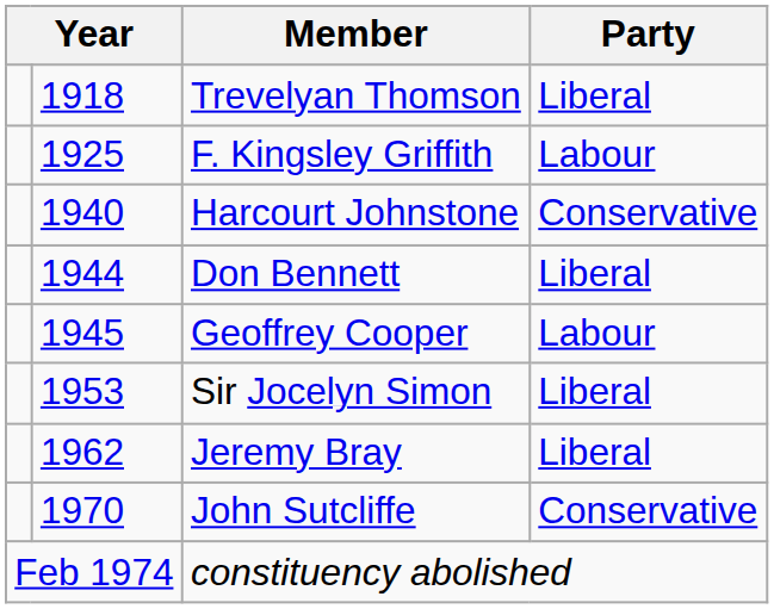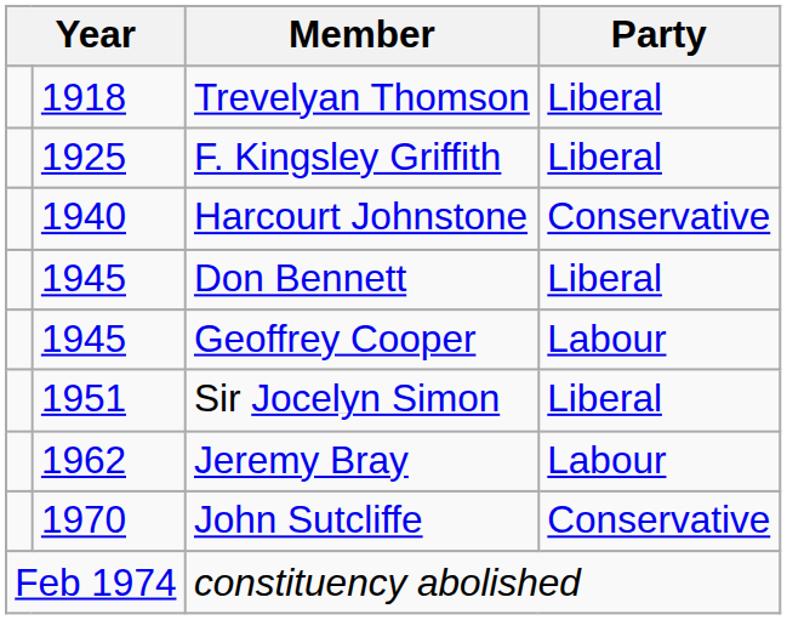 <table class="wikitable">
 <tr>
 <th colspan="2">Year</th>
 <th>Member</th>
 <th>Party</th>
 </tr>
 <tr>
 <td style="color:inherit;background-color: "></td>
 <td><a href='#'>1918</a></td>
 <td><a href='#'>Trevelyan Thomson</a></td>
 <td><a href='#'>Liberal</a></td>
 </tr>
 <tr>
 <td style="color:inherit;background-color: "></td>
 <td><a href='#'>1925</a></td>
 <td><a href='#'>F. Kingsley Griffith</a></td>
-<td><a href='#'>Labour</a></td>
+<td><a href='#'>Liberal</a></td>
 </tr>
 <tr>
 <td style="color:inherit;background-color: "></td>
 <td><a href='#'>1940</a></td>
 <td><a href='#'>Harcourt Johnstone</a></td>
 <td><a href='#'>Conservative</a></td>
 </tr>
 <tr>
 <td style="color:inherit;background-color: "></td>
-<td><a href='#'>1944</a></td>
+<td><a href='#'>1945</a></td>
 <td><a href='#'>Don Bennett</a></td>
 <td><a href='#'>Liberal</a></td>
 </tr>
 <tr>
 <td style="color:inherit;background-color: "></td>
 <td><a href='#'>1945</a></td>
 <td><a href='#'>Geoffrey Cooper</a></td>
 <td><a href='#'>Labour</a></td>
 </tr>
 <tr>
 <td style="color:inherit;background-color: "></td>
-<td><a href='#'>1953</a></td>
+<td><a href='#'>1951</a></td>
 <td>Sir <a href='#'>Jocelyn Simon</a></td>
 <td><a href='#'>Liberal</a></td>
 </tr>
 <tr>
 <td style="color:inherit;background-color: "></td>
 <td><a href='#'>1962</a></td>
 <td><a href='#'>Jeremy Bray</a></td>
-<td><a href='#'>Liberal</a></td>
+<td><a href='#'>Labour</a></td>
 </tr>
 <tr>
 <td style="color:inherit;background-color: "></td>
 <td><a href='#'>1970</a></td>
 <td><a href='#'>John Sutcliffe</a></td>
 <td><a href='#'>Conservative</a></td>
 </tr>
 <tr>
 <td colspan="2" align="center"><a href='#'>Feb 1974</a></td>
 <td colspan="2"><em>constituency abolished</em></td>
 </tr>
 </table>
